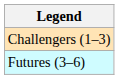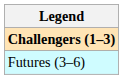 <table class=wikitable style=font-size:97%>
 <tr>
 <th>Legend</th>
 </tr>
 <tr bgcolor=moccasin>
-<td>Challengers (1–3)</td>
+<td><strong>Challengers (1–3)</strong></td>
 </tr>
 <tr bgcolor=CFFCFF>
 <td>Futures (3–6)</td>
 </tr>
 </table>
